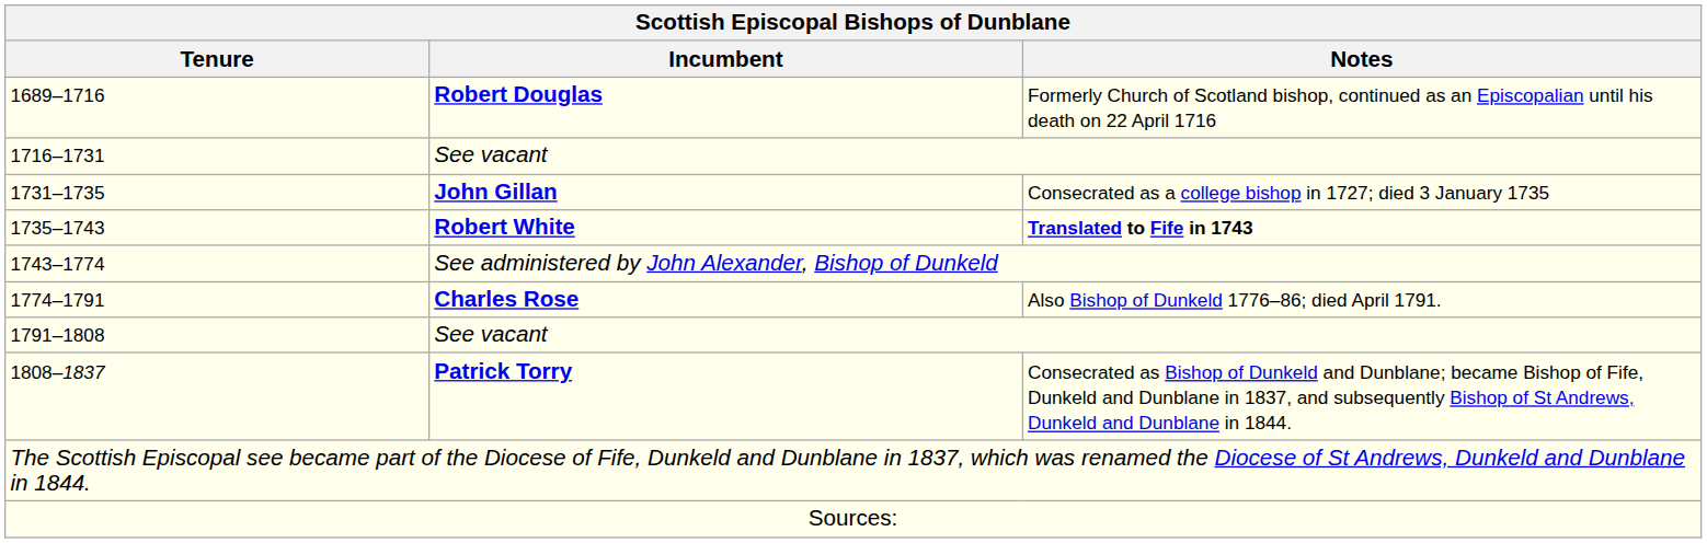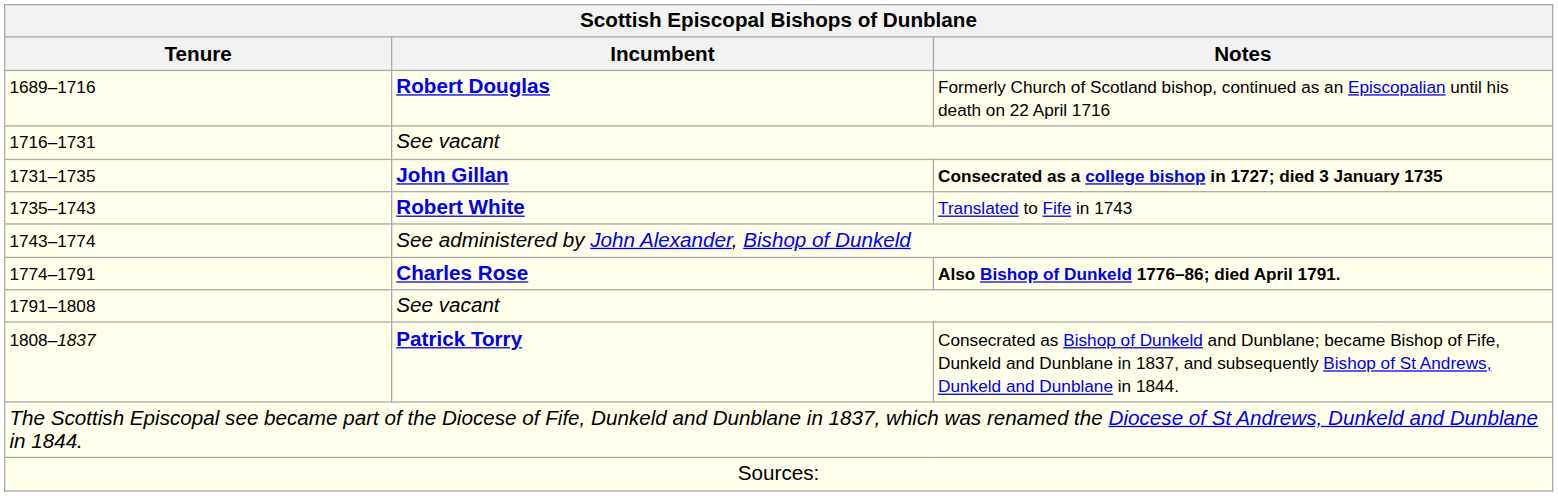 <table class="wikitable" style="width:95%;" border="1" cellpadding="2">
 <tr>
 <th colspan="4">Scottish Episcopal Bishops of Dunblane</th>
 </tr>
 <tr align=center>
 <th width="25%">Tenure</th>
 <th width="35%">Incumbent</th>
 <th width="40%">Notes</th>
 </tr>
 <tr valign=top bgcolor="#ffffec">
 <td><small>1689–1716</small></td>
 <td><strong><a href='#'>Robert Douglas</a></strong></td>
 <td><small>Formerly Church of Scotland bishop, continued as an <a href='#'>Episcopalian</a> until his death on 22 April 1716</small></td>
 </tr>
 <tr valign=top bgcolor="#ffffec">
 <td><small>1716–1731</small></td>
 <td colspan=2><em>See vacant</em></td>
 </tr>
 <tr valign=top bgcolor="#ffffec">
 <td><small>1731–1735</small></td>
 <td><strong><a href='#'>John Gillan</a></strong></td>
-<td><small>Consecrated as a <a href='#'>college bishop</a> in 1727; died 3 January 1735</small></td>
+<td><strong><small>Consecrated as a <a href='#'>college bishop</a> in 1727; died 3 January 1735</small></strong></td>
 </tr>
 <tr valign=top bgcolor="#ffffec">
 <td><small>1735–1743</small></td>
 <td><strong><a href='#'>Robert White</a></strong></td>
-<td><strong><small><a href='#'>Translated</a> to <a href='#'>Fife</a> in 1743</small></strong></td>
+<td><small><a href='#'>Translated</a> to <a href='#'>Fife</a> in 1743</small></td>
 </tr>
 <tr valign=top bgcolor="#ffffec">
 <td><small>1743–1774</small></td>
 <td colspan=2><em>See administered by <a href='#'>John Alexander</a>, <a href='#'>Bishop of Dunkeld</a></em></td>
 </tr>
 <tr valign=top bgcolor="#ffffec">
 <td><small>1774–1791</small></td>
 <td><strong><a href='#'>Charles Rose</a></strong></td>
-<td><small>Also <a href='#'>Bishop of Dunkeld</a> 1776–86; died April 1791.</small></td>
+<td><strong><small>Also <a href='#'>Bishop of Dunkeld</a> 1776–86; died April 1791.</small></strong></td>
 </tr>
 <tr valign=top bgcolor="#ffffec">
 <td><small>1791–1808</small></td>
 <td colspan=2><em>See vacant</em></td>
 </tr>
 <tr valign=top bgcolor="#ffffec">
 <td><small>1808–<em>1837</em> </small></td>
 <td><strong><a href='#'>Patrick Torry</a></strong></td>
 <td><small>Consecrated as <a href='#'>Bishop of Dunkeld</a> and Dunblane; became Bishop of Fife, Dunkeld and Dunblane in 1837, and subsequently <a href='#'>Bishop of St Andrews, Dunkeld and Dunblane</a> in 1844.</small></td>
 </tr>
 <tr valign=top bgcolor="#ffffec">
 <td colspan=4><em>The Scottish Episcopal see became part of the Diocese of Fife, Dunkeld and Dunblane in 1837, which was renamed the <a href='#'>Diocese of St Andrews, Dunkeld and Dunblane</a> in 1844.</em></td>
 </tr>
 <tr valign=top bgcolor="#ffffec">
 <td align=center colspan=4>Sources:</td>
 </tr>
 </table>
